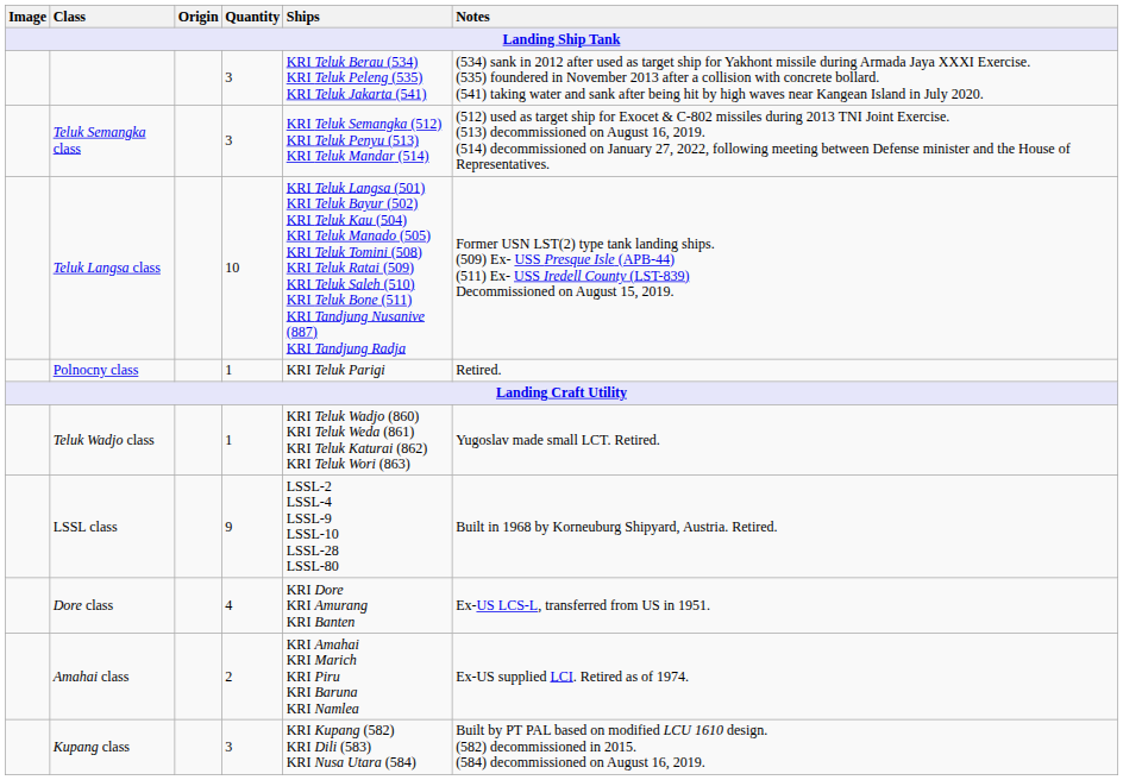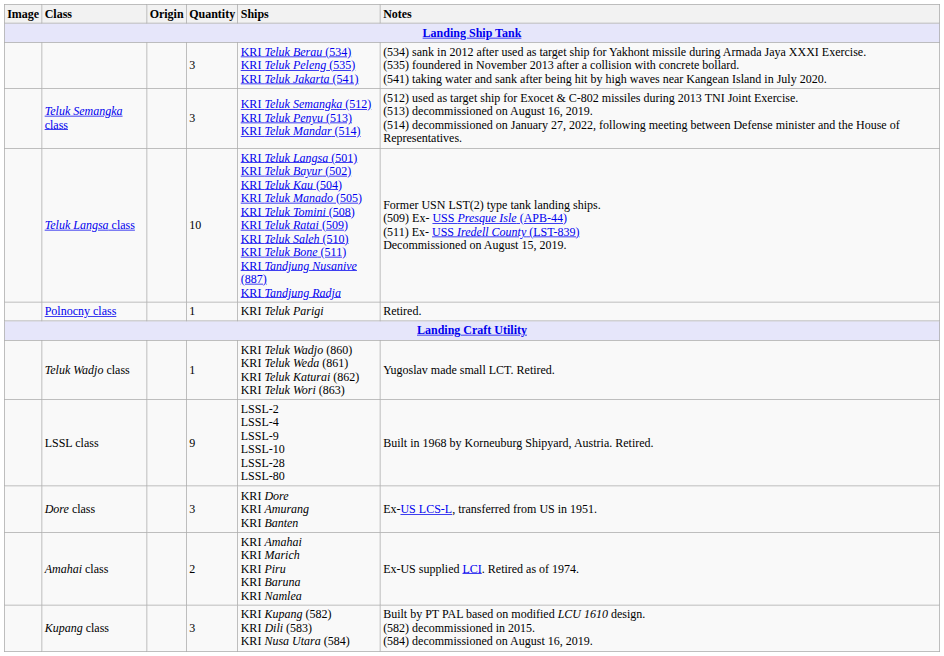 <table class="wikitable">
 <tr>
 <th style="text-align: left;">Image</th>
 <th style="text-align: left;">Class</th>
 <th style="text-align: left;">Origin</th>
 <th style="text-align: left;">Quantity</th>
 <th style="text-align: left;">Ships</th>
 <th style="text-align: left;">Notes</th>
 </tr>
 <tr>
 <th colspan="6" style="align: centre; background: lavender;"><a href='#'>Landing Ship Tank</a></th>
 </tr>
 <tr>
 <td></td>
 <td></td>
 <td></td>
 <td>3</td>
 <td><a href='#'>KRI <em>Teluk Berau</em> (534)</a> <br> <a href='#'>KRI <em>Teluk Peleng</em> (535)</a> <br> <a href='#'>KRI <em>Teluk Jakarta</em> (541)</a></td>
 <td>(534) sank in 2012 after used as target ship for Yakhont missile during Armada Jaya XXXI Exercise.<br>(535) foundered in November 2013 after a collision with concrete bollard. <br> (541) taking water and sank after being hit by high waves near Kangean Island in July 2020.</td>
 </tr>
 <tr>
 <td></td>
 <td><a href='#'><em>Teluk Semangka</em> class</a></td>
 <td></td>
 <td>3</td>
 <td><a href='#'>KRI <em>Teluk Semangka</em> (512)</a> <br> <a href='#'>KRI <em>Teluk Penyu</em> (513)</a><br><a href='#'>KRI <em>Teluk Mandar</em> (514)</a></td>
 <td>(512) used as target ship for Exocet & C-802 missiles during 2013 TNI Joint Exercise. <br> (513) decommissioned on August 16, 2019.<br>(514) decommissioned on January 27, 2022, following meeting between Defense minister and the House of Representatives.</td>
 </tr>
 <tr>
 <td></td>
 <td><a href='#'><em>Teluk Langsa</em> class</a></td>
 <td></td>
 <td>10</td>
 <td><a href='#'>KRI <em>Teluk Langsa</em> (501)</a> <br> <a href='#'>KRI <em>Teluk Bayur</em> (502)</a> <br> <a href='#'>KRI <em>Teluk Kau</em> (504)</a> <br> <a href='#'>KRI <em>Teluk Manado</em> (505)</a> <br> <a href='#'>KRI <em>Teluk Tomini</em> (508)</a> <br> <a href='#'>KRI <em>Teluk Ratai</em> (509)</a> <br> <a href='#'>KRI <em>Teluk Saleh</em> (510)</a> <br> <a href='#'>KRI <em>Teluk Bone</em> (511)</a> <br> <a href='#'>KRI <em>Tandjung Nusanive</em> (887)</a> <br> <a href='#'>KRI <em>Tandjung Radja</em></a></td>
 <td>Former USN LST(2) type tank landing ships.<br>(509) Ex- <a href='#'>USS <em>Presque Isle</em> (APB-44)</a> <br> (511) Ex- <a href='#'>USS <em>Iredell County</em> (LST-839)</a> <br> Decommissioned on August 15, 2019.</td>
 </tr>
 <tr>
 <td></td>
 <td><a href='#'>Polnocny class</a></td>
 <td></td>
 <td>1</td>
 <td>KRI <em>Teluk Parigi</em></td>
 <td>Retired.</td>
 </tr>
 <tr>
 <th colspan="6" style="align: centre; background: lavender;"><a href='#'>Landing Craft Utility</a></th>
 </tr>
 <tr>
 <td></td>
 <td><em>Teluk Wadjo</em> class</td>
 <td></td>
 <td>1</td>
 <td>KRI <em>Teluk Wadjo</em> (860)<br>KRI <em>Teluk Weda</em> (861) <br> KRI <em>Teluk Katurai</em> (862) <br> KRI <em>Teluk Wori</em> (863)</td>
 <td>Yugoslav made small LCT. Retired.</td>
 </tr>
 <tr>
 <td></td>
 <td>LSSL class</td>
 <td></td>
 <td>9</td>
 <td>LSSL-2<br>LSSL-4<br>LSSL-9<br>LSSL-10<br>LSSL-28<br>LSSL-80</td>
 <td>Built in 1968 by Korneuburg Shipyard, Austria. Retired.</td>
 </tr>
 <tr>
 <td></td>
 <td><em>Dore</em> class</td>
 <td></td>
-<td>4</td>
+<td>3</td>
 <td>KRI <em>Dore</em><br>KRI <em>Amurang</em><br>KRI <em>Banten</em></td>
 <td>Ex-<a href='#'>US LCS-L</a>, transferred from US in 1951.</td>
 </tr>
 <tr>
 <td></td>
 <td><em>Amahai</em> class</td>
 <td></td>
 <td>2</td>
 <td>KRI <em>Amahai</em><br>KRI <em>Marich</em><br>KRI <em>Piru</em><br>KRI <em>Baruna</em><br>KRI <em>Namlea</em></td>
 <td>Ex-US supplied <a href='#'>LCI</a>. Retired as of 1974.</td>
 </tr>
 <tr>
 <td></td>
 <td><em>Kupang</em> class</td>
 <td></td>
 <td>3</td>
 <td>KRI <em>Kupang</em> (582) <br> KRI <em>Dili</em> (583) <br> KRI <em>Nusa Utara</em> (584)</td>
 <td>Built by PT PAL based on modified <em>LCU 1610</em> design.<br>(582) decommissioned in 2015.<br>(584) decommissioned on August 16, 2019.</td>
 </tr>
 </table>
